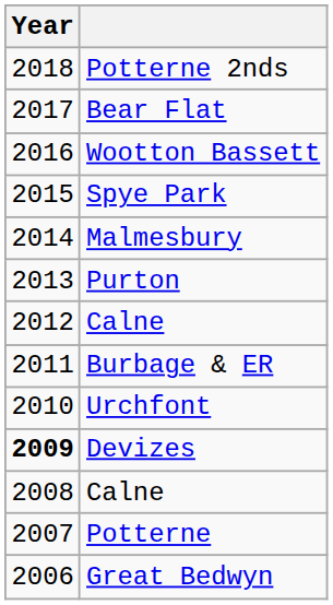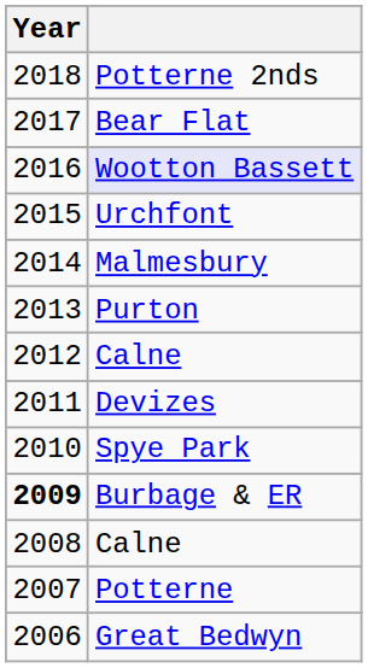 <table class="wikitable mw-collapsible mw-collapsed">
 <tr>
 <th>Year</th>
 <th></th>
 </tr>
 <tr>
 <td>2018</td>
 <td><a href='#'>Potterne</a> 2nds</td>
 </tr>
 <tr>
 <td>2017</td>
 <td><a href='#'>Bear Flat</a></td>
 </tr>
 <tr>
 <td>2016</td>
-<td><a href='#'>Wootton Bassett</a></td>
+<td style="background: lavender;"><a href='#'>Wootton Bassett</a></td>
 </tr>
 <tr>
 <td>2015</td>
-<td><a href='#'>Spye Park</a></td>
+<td><a href='#'>Urchfont</a></td>
 </tr>
 <tr>
 <td>2014</td>
 <td><a href='#'>Malmesbury</a></td>
 </tr>
 <tr>
 <td>2013</td>
 <td><a href='#'>Purton</a></td>
 </tr>
 <tr>
 <td>2012</td>
 <td><a href='#'>Calne</a></td>
 </tr>
 <tr>
 <td>2011</td>
-<td><a href='#'>Burbage</a> & <a href='#'>ER</a></td>
+<td><a href='#'>Devizes</a></td>
 </tr>
 <tr>
 <td>2010</td>
-<td><a href='#'>Urchfont</a></td>
+<td><a href='#'>Spye Park</a></td>
 </tr>
 <tr>
 <td><strong>2009</strong></td>
-<td><a href='#'>Devizes</a></td>
+<td><a href='#'>Burbage</a> & <a href='#'>ER</a></td>
 </tr>
 <tr>
 <td>2008</td>
 <td>Calne</td>
 </tr>
 <tr>
 <td>2007</td>
 <td><a href='#'>Potterne</a></td>
 </tr>
 <tr>
 <td>2006</td>
 <td><a href='#'>Great Bedwyn</a></td>
 </tr>
 </table>
